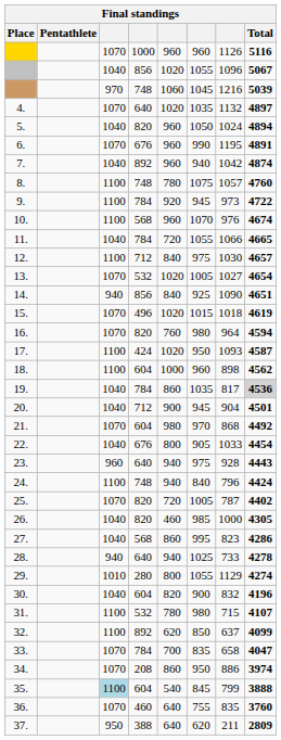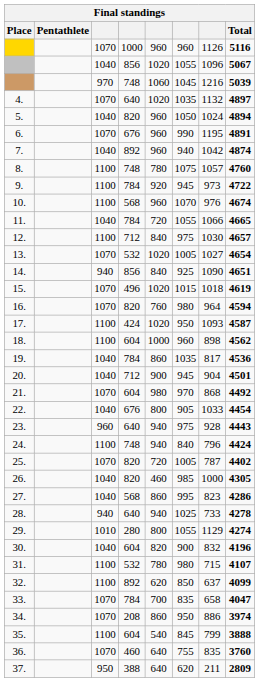 <table class=wikitable style="text-align:center">
 <tr>
 <th colspan=8>Final standings</th>
 </tr>
 <tr>
 <th>Place</th>
 <th>Pentathlete</th>
 <th></th>
 <th></th>
 <th></th>
 <th></th>
 <th></th>
 <th>Total</th>
 </tr>
 <tr>
 <td bgcolor=gold></td>
 <td align=left></td>
 <td>1070</td>
 <td>1000</td>
 <td>960</td>
 <td>960</td>
 <td>1126</td>
 <td><strong>5116</strong></td>
 </tr>
 <tr>
 <td bgcolor=silver></td>
 <td align=left></td>
 <td>1040</td>
 <td>856</td>
 <td>1020</td>
 <td>1055</td>
 <td>1096</td>
 <td><strong>5067</strong></td>
 </tr>
 <tr>
 <td bgcolor=cc9966></td>
 <td align=left></td>
 <td>970</td>
 <td>748</td>
 <td>1060</td>
 <td>1045</td>
 <td>1216</td>
 <td><strong>5039</strong></td>
 </tr>
 <tr>
 <td>4.</td>
 <td align=left></td>
 <td>1070</td>
 <td>640</td>
 <td>1020</td>
 <td>1035</td>
 <td>1132</td>
 <td><strong>4897</strong></td>
 </tr>
 <tr>
 <td>5.</td>
 <td align=left></td>
 <td>1040</td>
 <td>820</td>
 <td>960</td>
 <td>1050</td>
 <td>1024</td>
 <td><strong>4894</strong></td>
 </tr>
 <tr>
 <td>6.</td>
 <td align=left></td>
 <td>1070</td>
 <td>676</td>
 <td>960</td>
 <td>990</td>
 <td>1195</td>
 <td><strong>4891</strong></td>
 </tr>
 <tr>
 <td>7.</td>
 <td align=left></td>
 <td>1040</td>
 <td>892</td>
 <td>960</td>
 <td>940</td>
 <td>1042</td>
 <td><strong>4874</strong></td>
 </tr>
 <tr>
 <td>8.</td>
 <td align=left></td>
 <td>1100</td>
 <td>748</td>
 <td>780</td>
 <td>1075</td>
 <td>1057</td>
 <td><strong>4760</strong></td>
 </tr>
 <tr>
 <td>9.</td>
 <td align=left></td>
 <td>1100</td>
 <td>784</td>
 <td>920</td>
 <td>945</td>
 <td>973</td>
 <td><strong>4722</strong></td>
 </tr>
 <tr>
 <td>10.</td>
 <td align=left></td>
 <td>1100</td>
 <td>568</td>
 <td>960</td>
 <td>1070</td>
 <td>976</td>
 <td><strong>4674</strong></td>
 </tr>
 <tr>
 <td>11.</td>
 <td align=left></td>
 <td>1040</td>
 <td>784</td>
 <td>720</td>
 <td>1055</td>
 <td>1066</td>
 <td><strong>4665</strong></td>
 </tr>
 <tr>
 <td>12.</td>
 <td align=left></td>
 <td>1100</td>
 <td>712</td>
 <td>840</td>
 <td>975</td>
 <td>1030</td>
 <td><strong>4657</strong></td>
 </tr>
 <tr>
 <td>13.</td>
 <td align=left></td>
 <td>1070</td>
 <td>532</td>
 <td>1020</td>
 <td>1005</td>
 <td>1027</td>
 <td><strong>4654</strong></td>
 </tr>
 <tr>
 <td>14.</td>
 <td align=left></td>
 <td>940</td>
 <td>856</td>
 <td>840</td>
 <td>925</td>
 <td>1090</td>
 <td><strong>4651</strong></td>
 </tr>
 <tr>
 <td>15.</td>
 <td align=left></td>
 <td>1070</td>
 <td>496</td>
 <td>1020</td>
 <td>1015</td>
 <td>1018</td>
 <td><strong>4619</strong></td>
 </tr>
 <tr>
 <td>16.</td>
 <td align=left></td>
 <td>1070</td>
 <td>820</td>
 <td>760</td>
 <td>980</td>
 <td>964</td>
 <td><strong>4594</strong></td>
 </tr>
 <tr>
 <td>17.</td>
 <td align=left></td>
 <td>1100</td>
 <td>424</td>
 <td>1020</td>
 <td>950</td>
 <td>1093</td>
 <td><strong>4587</strong></td>
 </tr>
 <tr>
 <td>18.</td>
 <td align=left></td>
 <td>1100</td>
 <td>604</td>
 <td>1000</td>
 <td>960</td>
 <td>898</td>
 <td><strong>4562</strong></td>
 </tr>
 <tr>
 <td>19.</td>
 <td align=left></td>
 <td>1040</td>
 <td>784</td>
 <td>860</td>
 <td>1035</td>
 <td>817</td>
-<td style="background: lightgrey;"><strong>4536</strong></td>
+<td><strong>4536</strong></td>
 </tr>
 <tr>
 <td>20.</td>
 <td align=left></td>
 <td>1040</td>
 <td>712</td>
 <td>900</td>
 <td>945</td>
 <td>904</td>
 <td><strong>4501</strong></td>
 </tr>
 <tr>
 <td>21.</td>
 <td align=left></td>
 <td>1070</td>
 <td>604</td>
 <td>980</td>
 <td>970</td>
 <td>868</td>
 <td><strong>4492</strong></td>
 </tr>
 <tr>
 <td>22.</td>
 <td align=left></td>
 <td>1040</td>
 <td>676</td>
 <td>800</td>
 <td>905</td>
 <td>1033</td>
 <td><strong>4454</strong></td>
 </tr>
 <tr>
 <td>23.</td>
 <td align=left></td>
 <td>960</td>
 <td>640</td>
 <td>940</td>
 <td>975</td>
 <td>928</td>
 <td><strong>4443</strong></td>
 </tr>
 <tr>
 <td>24.</td>
 <td align=left></td>
 <td>1100</td>
 <td>748</td>
 <td>940</td>
 <td>840</td>
 <td>796</td>
 <td><strong>4424</strong></td>
 </tr>
 <tr>
 <td>25.</td>
 <td align=left></td>
 <td>1070</td>
 <td>820</td>
 <td>720</td>
 <td>1005</td>
 <td>787</td>
 <td><strong>4402</strong></td>
 </tr>
 <tr>
 <td>26.</td>
 <td align=left></td>
 <td>1040</td>
 <td>820</td>
 <td>460</td>
 <td>985</td>
 <td>1000</td>
 <td><strong>4305</strong></td>
 </tr>
 <tr>
 <td>27.</td>
 <td align=left></td>
 <td>1040</td>
 <td>568</td>
 <td>860</td>
 <td>995</td>
 <td>823</td>
 <td><strong>4286</strong></td>
 </tr>
 <tr>
 <td>28.</td>
 <td align=left></td>
 <td>940</td>
 <td>640</td>
 <td>940</td>
 <td>1025</td>
 <td>733</td>
 <td><strong>4278</strong></td>
 </tr>
 <tr>
 <td>29.</td>
 <td align=left></td>
 <td>1010</td>
 <td>280</td>
 <td>800</td>
 <td>1055</td>
 <td>1129</td>
 <td><strong>4274</strong></td>
 </tr>
 <tr>
 <td>30.</td>
 <td align=left></td>
 <td>1040</td>
 <td>604</td>
 <td>820</td>
 <td>900</td>
 <td>832</td>
 <td><strong>4196</strong></td>
 </tr>
 <tr>
 <td>31.</td>
 <td align=left></td>
 <td>1100</td>
 <td>532</td>
 <td>780</td>
 <td>980</td>
 <td>715</td>
 <td><strong>4107</strong></td>
 </tr>
 <tr>
 <td>32.</td>
 <td align=left></td>
 <td>1100</td>
 <td>892</td>
 <td>620</td>
 <td>850</td>
 <td>637</td>
 <td><strong>4099</strong></td>
 </tr>
 <tr>
 <td>33.</td>
 <td align=left></td>
 <td>1070</td>
 <td>784</td>
 <td>700</td>
 <td>835</td>
 <td>658</td>
 <td><strong>4047</strong></td>
 </tr>
 <tr>
 <td>34.</td>
 <td align=left></td>
 <td>1070</td>
 <td>208</td>
 <td>860</td>
 <td>950</td>
 <td>886</td>
 <td><strong>3974</strong></td>
 </tr>
 <tr>
 <td>35.</td>
 <td align=left></td>
-<td style="background: lightblue;">1100</td>
+<td>1100</td>
 <td>604</td>
 <td>540</td>
 <td>845</td>
 <td>799</td>
 <td><strong>3888</strong></td>
 </tr>
 <tr>
 <td>36.</td>
 <td align=left></td>
 <td>1070</td>
 <td>460</td>
 <td>640</td>
 <td>755</td>
 <td>835</td>
 <td><strong>3760</strong></td>
 </tr>
 <tr>
 <td>37.</td>
 <td align=left></td>
 <td>950</td>
 <td>388</td>
 <td>640</td>
 <td>620</td>
 <td>211</td>
 <td><strong>2809</strong></td>
 </tr>
 </table>
